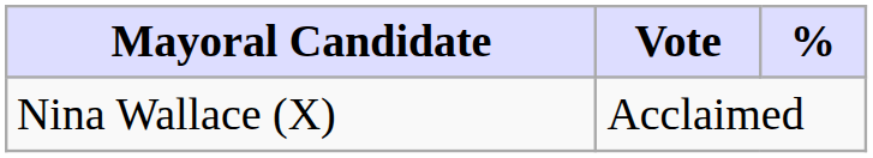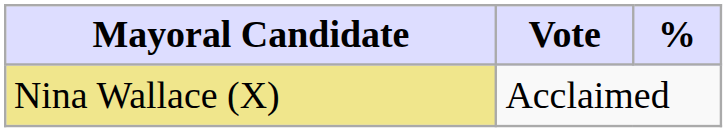 <table class="wikitable">
 <tr>
 <th style="background:#ddf; width:200px;">Mayoral Candidate</th>
 <th style="background:#ddf; width:50px;">Vote</th>
 <th style="background:#ddf; width:30px;">%</th>
 </tr>
 <tr>
-<td>Nina Wallace (X)</td>
+<td style="background: khaki;">Nina Wallace (X)</td>
 <td colspan="2">Acclaimed</td>
 </tr>
 </table>
